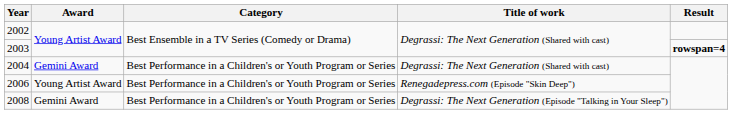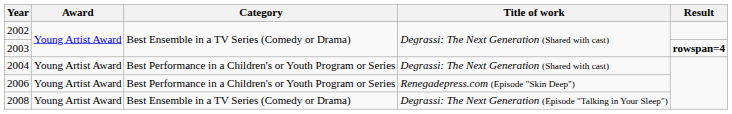 <table class="wikitable sortable">
 <tr>
 <th>Year</th>
 <th>Award</th>
 <th>Category</th>
 <th>Title of work</th>
 <th>Result</th>
 </tr>
 <tr>
 <td>2002</td>
 <td rowspan=2><a href='#'>Young Artist Award</a></td>
 <td rowspan=2>Best Ensemble in a TV Series (Comedy or Drama)</td>
 <td rowspan=2><em>Degrassi: The Next Generation</em> <small>(Shared with cast)</small></td>
 <td></td>
 </tr>
 <tr>
 <td>2003</td>
 <td><strong>rowspan=4 </strong></td>
 </tr>
 <tr>
 <td>2004</td>
-<td><a href='#'>Gemini Award</a></td>
+<td>Young Artist Award</td>
 <td>Best Performance in a Children's or Youth Program or Series</td>
 <td><em>Degrassi: The Next Generation</em> <small>(Shared with cast)</small></td>
 </tr>
 <tr>
 <td>2006</td>
 <td>Young Artist Award</td>
 <td>Best Performance in a Children's or Youth Program or Series</td>
 <td><em>Renegadepress.com</em> <small>(Episode "Skin Deep")</small></td>
 </tr>
 <tr>
 <td>2008</td>
-<td>Gemini Award</td>
-<td>Best Performance in a Children's or Youth Program or Series</td>
+<td>Young Artist Award</td>
+<td>Best Ensemble in a TV Series (Comedy or Drama)</td>
 <td><em>Degrassi: The Next Generation</em> <small>(Episode "Talking in Your Sleep")</small></td>
 </tr>
 </table>
